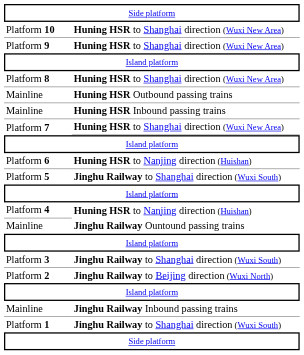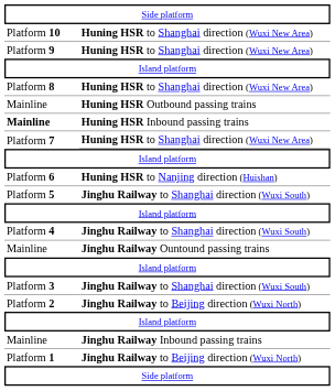 <table border=0 cellspacing=0 cellpadding=3>
 <tr>
 <td style="border-top:solid 2px black;border-right:solid 2px black;border-left:solid 2px black;border-bottom:solid 2px black;text-align:center;" colspan=2><small><a href='#'>Side platform</a></small></td>
 </tr>
 <tr>
 <td style="border-bottom:solid 1px gray;" width=100>Platform <strong>10</strong></td>
 <td style="border-bottom:solid 1px gray;" width=350><strong>Huning HSR</strong>  to <a href='#'>Shanghai</a> direction <small>(<a href='#'>Wuxi New Area</a>)</small></td>
 </tr>
 <tr>
 <td>Platform <strong>9</strong></td>
 <td><strong>Huning HSR</strong>  to <a href='#'>Shanghai</a> direction <small>(<a href='#'>Wuxi New Area</a>)</small></td>
 </tr>
 <tr>
 <td style="border-top:solid 2px black;border-right:solid 2px black;border-left:solid 2px black;border-bottom:solid 2px black;text-align:center;" colspan=2><small><a href='#'>Island platform</a></small></td>
 </tr>
 <tr>
 <td style="border-bottom:solid 1px gray;">Platform <strong>8</strong></td>
 <td style="border-bottom:solid 1px gray;"><strong>Huning HSR</strong>  to <a href='#'>Shanghai</a> direction <small>(<a href='#'>Wuxi New Area</a>)</small></td>
 </tr>
 <tr>
 <td style="border-bottom:solid 1px gray;">Mainline</td>
 <td style="border-bottom:solid 1px gray;"><strong>Huning HSR</strong> Outbound passing trains</td>
 </tr>
 <tr>
-<td style="border-bottom:solid 1px gray;">Mainline</td>
+<td style="border-bottom:solid 1px gray;"><strong>Mainline</strong></td>
 <td style="border-bottom:solid 1px gray;"><strong>Huning HSR</strong> Inbound passing trains</td>
 </tr>
 <tr>
 <td>Platform <strong>7</strong></td>
 <td style="border-bottom:solid 1px gray;" width=350><strong>Huning HSR</strong>  to <a href='#'>Shanghai</a> direction <small>(<a href='#'>Wuxi New Area</a>)</small></td>
 </tr>
 <tr>
 <td style="border-top:solid 2px black;border-right:solid 2px black;border-left:solid 2px black;border-bottom:solid 2px black;text-align:center;" colspan=2><small><a href='#'>Island platform</a></small></td>
 </tr>
 <tr>
 <td style="border-bottom:solid 1px gray;">Platform <strong>6</strong></td>
 <td style="border-bottom:solid 1px gray;"><strong>Huning HSR</strong> to <a href='#'>Nanjing</a> direction<small> (<a href='#'>Huishan</a>)</small></td>
 </tr>
 <tr>
 <td>Platform <strong>5</strong></td>
 <td><strong>Jinghu Railway</strong>  to <a href='#'>Shanghai</a> direction<small> (<a href='#'>Wuxi South</a>)</small></td>
 </tr>
 <tr>
 <td style="border-top:solid 2px black;border-right:solid 2px black;border-left:solid 2px black;border-bottom:solid 2px black;text-align:center;" colspan=2><small><a href='#'>Island platform</a></small></td>
 </tr>
 <tr>
 <td style="border-bottom:solid 1px gray;">Platform <strong>4</strong></td>
-<td><strong>Huning HSR</strong> to <a href='#'>Nanjing</a> direction<small> (<a href='#'>Huishan</a>)</small></td>
+<td style="border-bottom:solid 1px gray;"><strong>Jinghu Railway</strong>  to <a href='#'>Shanghai</a> direction<small> (<a href='#'>Wuxi South</a>)</small></td>
 </tr>
 <tr>
 <td>Mainline</td>
 <td><strong>Jinghu Railway</strong> Ountound passing trains</td>
 </tr>
 <tr>
 <td style="border-top:solid 2px black;border-right:solid 2px black;border-left:solid 2px black;border-bottom:solid 2px black;text-align:center;" colspan=2><small><a href='#'>Island platform</a></small></td>
 </tr>
 <tr>
 <td style="border-bottom:solid 1px gray;">Platform <strong>3</strong></td>
 <td style="border-bottom:solid 1px gray;"><strong>Jinghu Railway</strong> to <a href='#'>Shanghai</a> direction<small> (<a href='#'>Wuxi South</a>)</small></td>
 </tr>
 <tr>
 <td>Platform <strong>2</strong></td>
 <td><strong>Jinghu Railway</strong>  to <a href='#'>Beijing</a> direction<small> (<a href='#'>Wuxi North</a>)</small></td>
 </tr>
 <tr>
 <td style="border-top:solid 2px black;border-right:solid 2px black;border-left:solid 2px black;border-bottom:solid 2px black;text-align:center;" colspan=2><small><a href='#'>Island platform</a></small></td>
 </tr>
 <tr>
 <td style="border-bottom:solid 1px gray;">Mainline</td>
 <td style="border-bottom:solid 1px gray;"><strong>Jinghu Railway</strong> Inbound passing trains</td>
 </tr>
 <tr>
 <td>Platform <strong>1</strong></td>
-<td><strong>Jinghu Railway</strong>  to <a href='#'>Shanghai</a> direction<small> (<a href='#'>Wuxi South</a>)</small></td>
+<td><strong>Jinghu Railway</strong> to <a href='#'>Beijing</a> direction<small> (<a href='#'>Wuxi North</a>)</small></td>
 </tr>
 <tr>
 <td style="border-top:solid 2px black;border-right:solid 2px black;border-left:solid 2px black;border-bottom:solid 2px black;text-align:center;" colspan=2><small><a href='#'>Side platform</a></small></td>
 </tr>
 </table>
